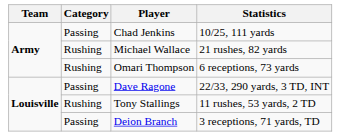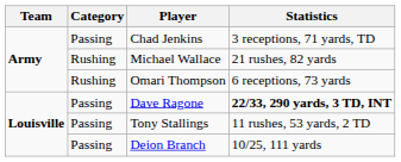 <table class="wikitable" style="float: right;">
 <tr>
 <th>Team</th>
 <th>Category</th>
 <th>Player</th>
 <th>Statistics</th>
 </tr>
 <tr>
 <td rowspan=3><strong>Army</strong></td>
 <td>Passing</td>
 <td>Chad Jenkins</td>
-<td>10/25, 111 yards</td>
+<td>3 receptions, 71 yards, TD</td>
 </tr>
 <tr>
 <td>Rushing</td>
 <td>Michael Wallace</td>
 <td>21 rushes, 82 yards</td>
 </tr>
 <tr>
 <td>Rushing</td>
 <td>Omari Thompson</td>
 <td>6 receptions, 73 yards</td>
 </tr>
 <tr>
 <td rowspan=3><strong>Louisville</strong></td>
 <td>Passing</td>
 <td><a href='#'>Dave Ragone</a></td>
-<td>22/33, 290 yards, 3 TD, INT</td>
+<td><strong>22/33, 290 yards, 3 TD, INT</strong></td>
 </tr>
 <tr>
-<td>Rushing</td>
+<td>Passing</td>
 <td>Tony Stallings</td>
 <td>11 rushes, 53 yards, 2 TD</td>
 </tr>
 <tr>
 <td>Passing</td>
 <td><a href='#'>Deion Branch</a></td>
-<td>3 receptions, 71 yards, TD</td>
+<td>10/25, 111 yards</td>
 </tr>
 </table>
